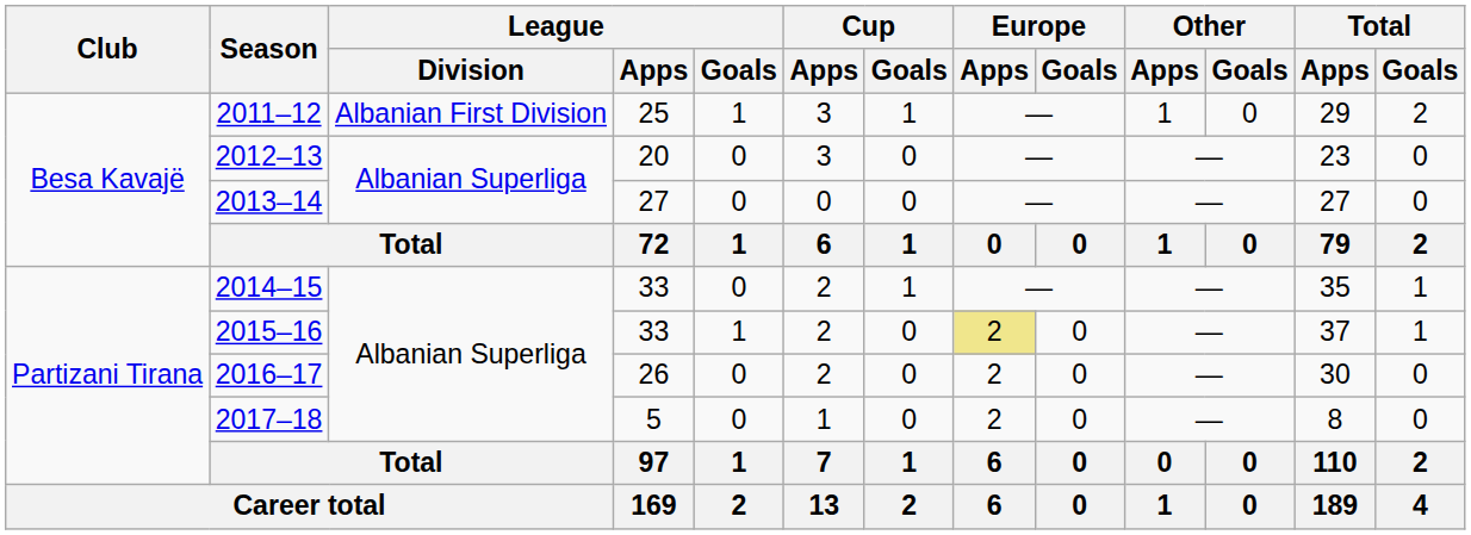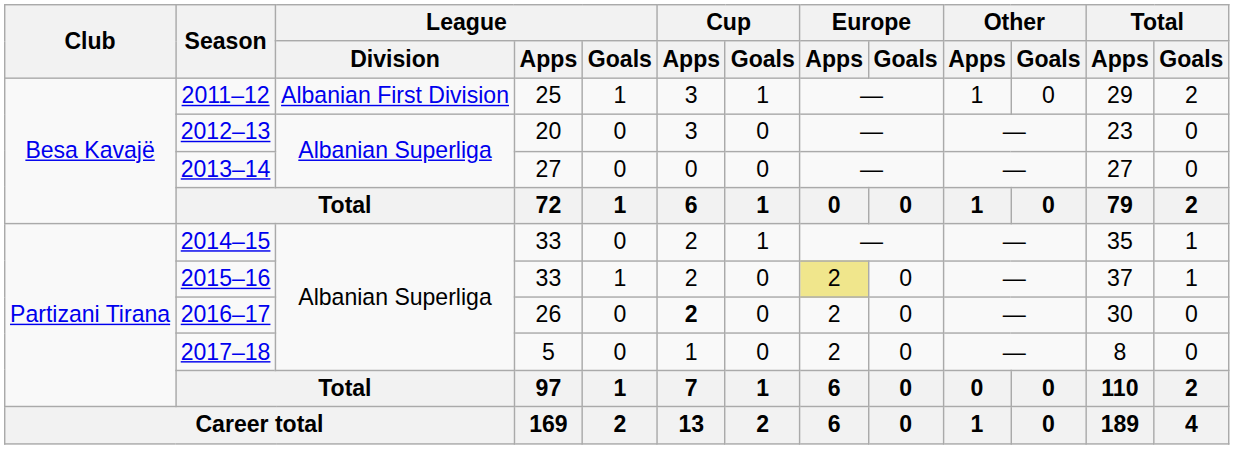 <table class="wikitable" style="text-align:center">
 <tr>
 <th rowspan="2">Club</th>
 <th rowspan="2">Season</th>
 <th colspan="3">League</th>
 <th colspan="2">Cup</th>
 <th colspan="2">Europe</th>
 <th colspan="2">Other</th>
 <th colspan="2">Total</th>
 </tr>
 <tr>
 <th>Division</th>
 <th>Apps</th>
 <th>Goals</th>
 <th>Apps</th>
 <th>Goals</th>
 <th>Apps</th>
 <th>Goals</th>
 <th>Apps</th>
 <th>Goals</th>
 <th>Apps</th>
 <th>Goals</th>
 </tr>
 <tr>
 <td rowspan="4"><a href='#'>Besa Kavajë</a></td>
 <td><a href='#'>2011–12</a></td>
 <td><a href='#'>Albanian First Division</a></td>
 <td>25</td>
 <td>1</td>
 <td>3</td>
 <td>1</td>
 <td colspan="2">—</td>
 <td>1</td>
 <td>0</td>
 <td>29</td>
 <td>2</td>
 </tr>
 <tr>
 <td><a href='#'>2012–13</a></td>
 <td rowspan="2"><a href='#'>Albanian Superliga</a></td>
 <td>20</td>
 <td>0</td>
 <td>3</td>
 <td>0</td>
 <td colspan="2">—</td>
 <td colspan="2">—</td>
 <td>23</td>
 <td>0</td>
 </tr>
 <tr>
 <td><a href='#'>2013–14</a></td>
 <td>27</td>
 <td>0</td>
 <td>0</td>
 <td>0</td>
 <td colspan="2">—</td>
 <td colspan="2">—</td>
 <td>27</td>
 <td>0</td>
 </tr>
 <tr>
 <th colspan="2">Total</th>
 <th>72</th>
 <th>1</th>
 <th>6</th>
 <th>1</th>
 <th>0</th>
 <th>0</th>
 <th>1</th>
 <th>0</th>
 <th>79</th>
 <th>2</th>
 </tr>
 <tr>
 <td rowspan="5"><a href='#'>Partizani Tirana</a></td>
 <td><a href='#'>2014–15</a></td>
 <td rowspan="4">Albanian Superliga</td>
 <td>33</td>
 <td>0</td>
 <td>2</td>
 <td>1</td>
 <td colspan="2">—</td>
 <td colspan="2">—</td>
 <td>35</td>
 <td>1</td>
 </tr>
 <tr>
 <td><a href='#'>2015–16</a></td>
 <td>33</td>
 <td>1</td>
 <td>2</td>
 <td>0</td>
 <td style="background: khaki;">2</td>
 <td>0</td>
 <td colspan="2">—</td>
 <td>37</td>
 <td>1</td>
 </tr>
 <tr>
 <td><a href='#'>2016–17</a></td>
 <td>26</td>
 <td>0</td>
-<td>2</td>
+<td><strong>2</strong></td>
 <td>0</td>
 <td>2</td>
 <td>0</td>
 <td colspan="2">—</td>
 <td>30</td>
 <td>0</td>
 </tr>
 <tr>
 <td><a href='#'>2017–18</a></td>
 <td>5</td>
 <td>0</td>
 <td>1</td>
 <td>0</td>
 <td>2</td>
 <td>0</td>
 <td colspan="2">—</td>
 <td>8</td>
 <td>0</td>
 </tr>
 <tr>
 <th colspan="2">Total</th>
 <th>97</th>
 <th>1</th>
 <th>7</th>
 <th>1</th>
 <th>6</th>
 <th>0</th>
 <th>0</th>
 <th>0</th>
 <th>110</th>
 <th>2</th>
 </tr>
 <tr>
 <th colspan="3">Career total</th>
 <th>169</th>
 <th>2</th>
 <th>13</th>
 <th>2</th>
 <th>6</th>
 <th>0</th>
 <th>1</th>
 <th>0</th>
 <th>189</th>
 <th>4</th>
 </tr>
 </table>
